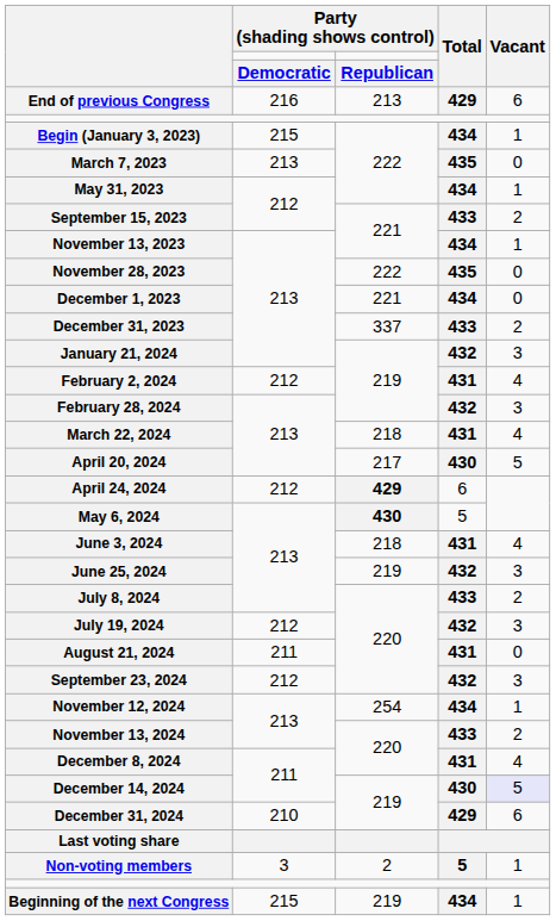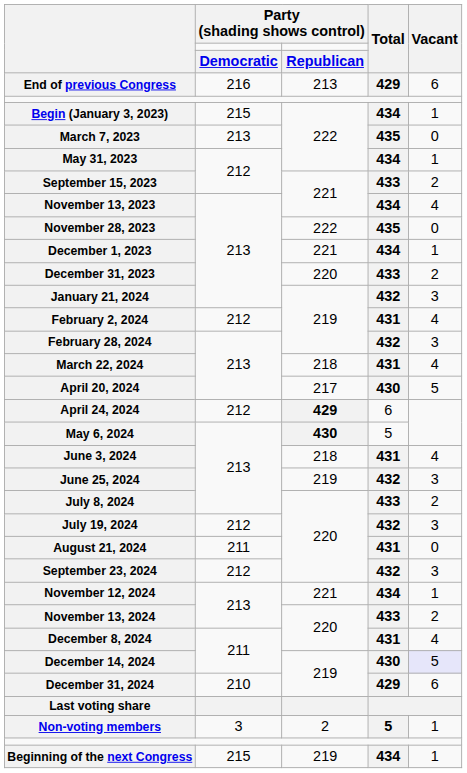 <table class="wikitable" style="text-align:center">
 <tr>
 <th rowspan="3" scope="col"> </th>
 <th colspan="2" scope="col">Party<div>(shading shows control)</div></th>
 <th rowspan="3" scope="col">Total</th>
 <th rowspan="3" scope="col">Vacant</th>
 </tr>
 <tr style="height:5px">
 <td style="background-color:"></td>
 <td style="background-color:"></td>
 </tr>
 <tr>
 <th scope="col"><a href='#'>Democratic</a></th>
 <th scope="col"><a href='#'>Republican</a></th>
 </tr>
 <tr>
 <th scope="row" style="font-size:85%">End of <a href='#'>previous Congress</a></th>
 <td>216</td>
 <td>213</td>
 <th>429</th>
 <td>6</td>
 </tr>
 <tr>
 <td colspan="5"></td>
 </tr>
 <tr>
 <th scope="row" style="font-size:85%"><a href='#'>Begin</a> (January 3, 2023)</th>
 <td>215</td>
 <td rowspan="3" >222</td>
 <th>434</th>
 <td>1</td>
 </tr>
 <tr>
 <th scope="row" style="font-size:85%">March 7, 2023</th>
 <td>213</td>
 <th>435</th>
 <td>0</td>
 </tr>
 <tr>
 <th scope="row" style="font-size:85%">May 31, 2023</th>
 <td rowspan="2">212</td>
 <th>434</th>
 <td>1</td>
 </tr>
 <tr>
 <th scope="row" style="font-size:85%">September 15, 2023</th>
 <td rowspan="2" >221</td>
 <th>433</th>
 <td>2</td>
 </tr>
 <tr>
 <th scope="row" style="font-size:85%">November 13, 2023</th>
 <td rowspan="5">213</td>
 <th>434</th>
-<td>1</td>
+<td>4</td>
 </tr>
 <tr>
 <th scope="row" style="font-size:85%">November 28, 2023</th>
 <td>222</td>
 <th>435</th>
 <td>0</td>
 </tr>
 <tr>
 <th scope="row" style="font-size:85%">December 1, 2023</th>
 <td>221</td>
 <th>434</th>
-<td>0</td>
+<td>1</td>
 </tr>
 <tr>
 <th scope="row" style="font-size:85%">December 31, 2023</th>
-<td>337</td>
+<td>220</td>
 <th>433</th>
 <td>2</td>
 </tr>
 <tr>
 <th scope="row" style="font-size:85%">January 21, 2024</th>
 <td rowspan="3" >219</td>
 <th>432</th>
 <td>3</td>
 </tr>
 <tr>
 <th scope="row" style="font-size:85%">February 2, 2024</th>
 <td>212</td>
 <th>431</th>
 <td>4</td>
 </tr>
 <tr>
 <th scope="row" style="font-size:85%">February 28, 2024</th>
 <td rowspan="3">213</td>
 <th>432</th>
 <td>3</td>
 </tr>
 <tr>
 <th scope="row" style="font-size:85%">March 22, 2024</th>
 <td>218</td>
 <th>431</th>
 <td>4</td>
 </tr>
 <tr>
 <th scope="row" style="font-size:85%">April 20, 2024</th>
 <td>217</td>
 <th>430</th>
 <td>5</td>
 </tr>
 <tr>
 <th scope="row" style="font-size:85%">April 24, 2024</th>
 <td>212</td>
 <th>429</th>
 <td>6</td>
 </tr>
 <tr>
 <th scope="row" style="font-size:85%">May 6, 2024</th>
 <td rowspan="4">213</td>
 <th>430</th>
 <td>5</td>
 </tr>
 <tr>
 <th scope="row" style="font-size:85%">June 3, 2024</th>
 <td>218</td>
 <th>431</th>
 <td>4</td>
 </tr>
 <tr>
 <th scope="row" style="font-size:85%">June 25, 2024</th>
 <td>219</td>
 <th>432</th>
 <td>3</td>
 </tr>
 <tr>
 <th scope="row" style="font-size:85%">July 8, 2024</th>
 <td rowspan="4" >220</td>
 <th>433</th>
 <td>2</td>
 </tr>
 <tr>
 <th scope="row" style="font-size:85%">July 19, 2024</th>
 <td>212</td>
 <th>432</th>
 <td>3</td>
 </tr>
 <tr>
 <th scope="row" style="font-size:85%">August 21, 2024</th>
 <td>211</td>
 <th>431</th>
 <td>0</td>
 </tr>
 <tr>
 <th scope="row" style="font-size:85%">September 23, 2024</th>
 <td>212</td>
 <th>432</th>
 <td>3</td>
 </tr>
 <tr>
 <th scope="row" style="font-size:85%">November 12, 2024</th>
 <td rowspan="2">213</td>
-<td>254</td>
+<td>221</td>
 <th>434</th>
 <td>1</td>
 </tr>
 <tr>
 <th scope="row" style="font-size:85%">November 13, 2024</th>
 <td rowspan="2" >220</td>
 <th>433</th>
 <td>2</td>
 </tr>
 <tr>
 <th scope="row" style="font-size:85%">December 8, 2024</th>
 <td rowspan="2">211</td>
 <th>431</th>
 <td>4</td>
 </tr>
 <tr>
 <th scope="row" style="font-size:85%">December 14, 2024</th>
 <td rowspan="2" >219</td>
 <th>430</th>
 <td style="background: lavender;">5</td>
 </tr>
 <tr>
 <th><small>December 31, 2024</small></th>
 <td>210</td>
 <th>429</th>
 <td>6</td>
 </tr>
 <tr>
 <th scope="row" style="font-size:85%">Last voting share</th>
 <th></th>
 <th></th>
 <th colspan="2"></th>
 </tr>
 <tr>
 <th style="font-size:85%"><a href='#'>Non-voting members</a></th>
 <td>3</td>
 <td>2</td>
 <th>5</th>
 <td>1</td>
 </tr>
 <tr>
 <td colspan=99></td>
 </tr>
 <tr>
 <th style="white-space:nowrap; font-size:85%;">Beginning of the <a href='#'>next Congress</a></th>
 <td>215</td>
 <td>219</td>
 <th>434</th>
 <td>1</td>
 </tr>
 </table>
